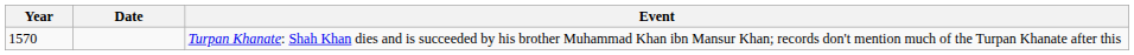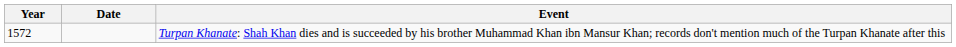 <table class="wikitable" width="100%">
 <tr>
 <th style="width:6%">Year</th>
 <th style="width:10%">Date</th>
 <th>Event</th>
 </tr>
 <tr>
-<td>1570</td>
+<td>1572</td>
 <td></td>
 <td><em><a href='#'>Turpan Khanate</a></em>: <a href='#'>Shah Khan</a> dies and is succeeded by his brother Muhammad Khan ibn Mansur Khan; records don't mention much of the Turpan Khanate after this</td>
 </tr>
 </table>
